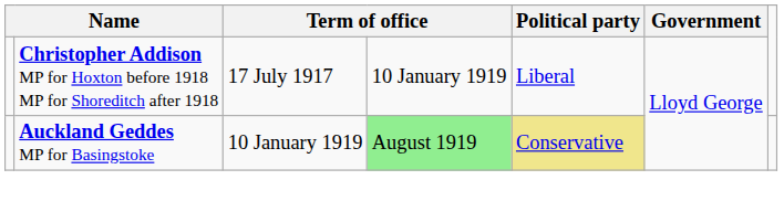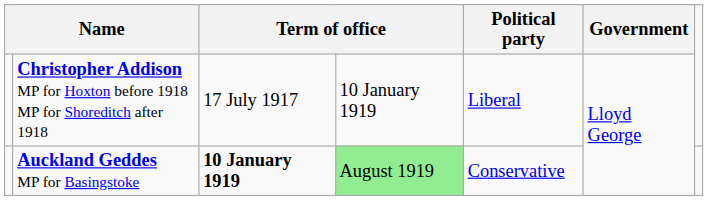 <table class="wikitable">
 <tr>
 <th colspan=2>Name</th>
 <th colspan=2>Term of office</th>
 <th>Political party</th>
 <th colspan=1>Government</th>
 </tr>
 <tr>
 <td style="background-color:"></td>
 <td><a href='#'><strong>Christopher Addison</strong></a><br><small>MP for <a href='#'>Hoxton</a> before 1918</small><br><small>MP for <a href='#'>Shoreditch</a> after 1918</small></td>
 <td>17 July 1917</td>
 <td>10 January 1919</td>
 <td><a href='#'>Liberal</a></td>
 <td rowspan="2" ><a href='#'>Lloyd George</a></td>
 </tr>
 <tr>
 <td style="background-color:"></td>
 <td><a href='#'><strong>Auckland Geddes</strong></a><br><small>MP for <a href='#'>Basingstoke</a></small></td>
-<td>10 January 1919</td>
+<td><strong>10 January 1919</strong></td>
 <td style="background: lightgreen;">August 1919</td>
-<td style="background: khaki;"><a href='#'>Conservative</a></td>
+<td><a href='#'>Conservative</a></td>
 <td></td>
 </tr>
 </table>
